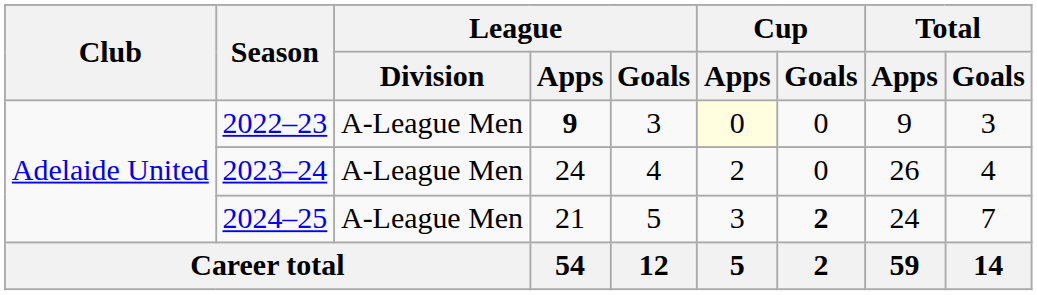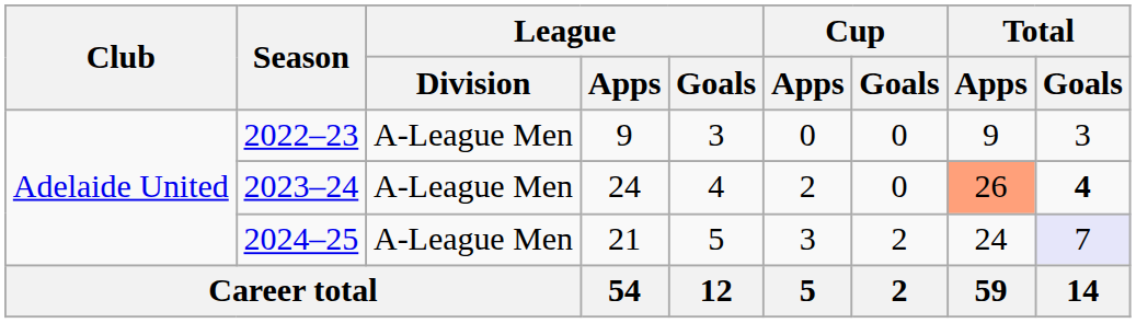 <table class="wikitable" Style="text-align: center">
 <tr>
 <th rowspan="2">Club</th>
 <th rowspan="2">Season</th>
 <th colspan="3">League</th>
 <th colspan="2">Cup</th>
 <th colspan="2">Total</th>
 </tr>
 <tr>
 <th>Division</th>
 <th>Apps</th>
 <th>Goals</th>
 <th>Apps</th>
 <th>Goals</th>
 <th>Apps</th>
 <th>Goals</th>
 </tr>
 <tr>
 <td rowspan="3"><a href='#'>Adelaide United</a></td>
 <td><a href='#'>2022–23</a></td>
 <td>A-League Men</td>
-<td><strong>9</strong></td>
+<td>9</td>
 <td>3</td>
-<td style="background: lightyellow;">0</td>
+<td>0</td>
 <td>0</td>
 <td>9</td>
 <td>3</td>
 </tr>
 <tr>
 <td><a href='#'>2023–24</a></td>
 <td>A-League Men</td>
 <td>24</td>
 <td>4</td>
 <td>2</td>
 <td>0</td>
-<td>26</td>
-<td>4</td>
+<td style="background: lightsalmon;">26</td>
+<td><strong>4</strong></td>
 </tr>
 <tr>
 <td><a href='#'>2024–25</a></td>
 <td>A-League Men</td>
 <td>21</td>
 <td>5</td>
 <td>3</td>
-<td><strong>2</strong></td>
+<td>2</td>
 <td>24</td>
-<td>7</td>
+<td style="background: lavender;">7</td>
 </tr>
 <tr>
 <th colspan="3">Career total</th>
 <th>54</th>
 <th>12</th>
 <th>5</th>
 <th>2</th>
 <th>59</th>
 <th>14</th>
 </tr>
 </table>
